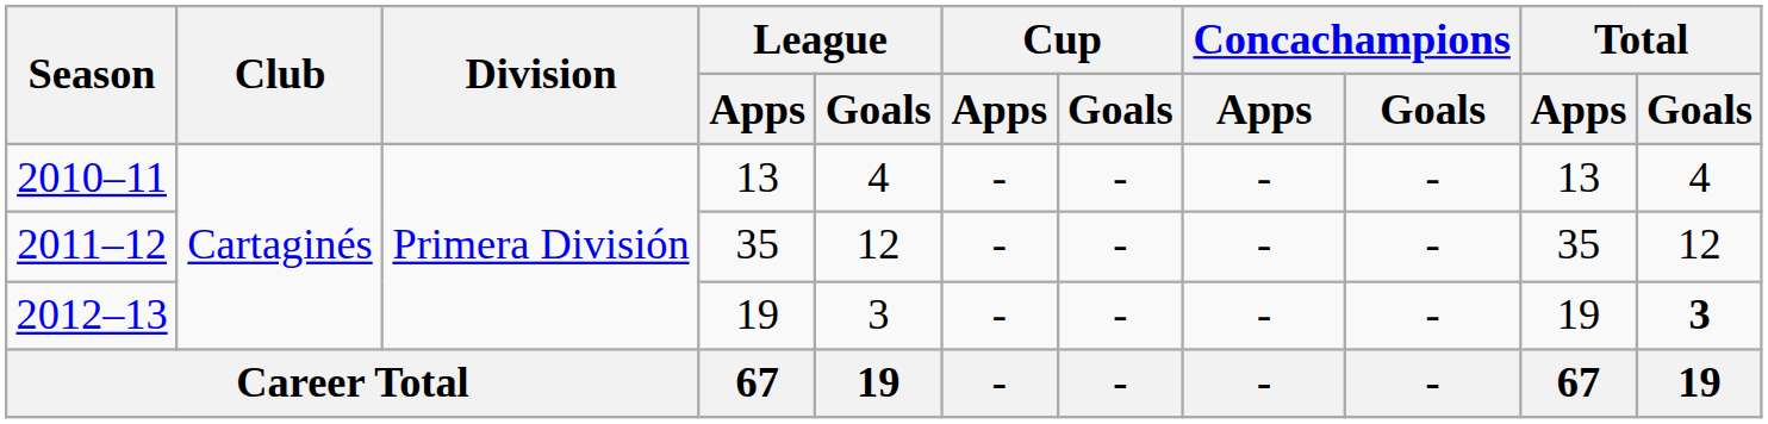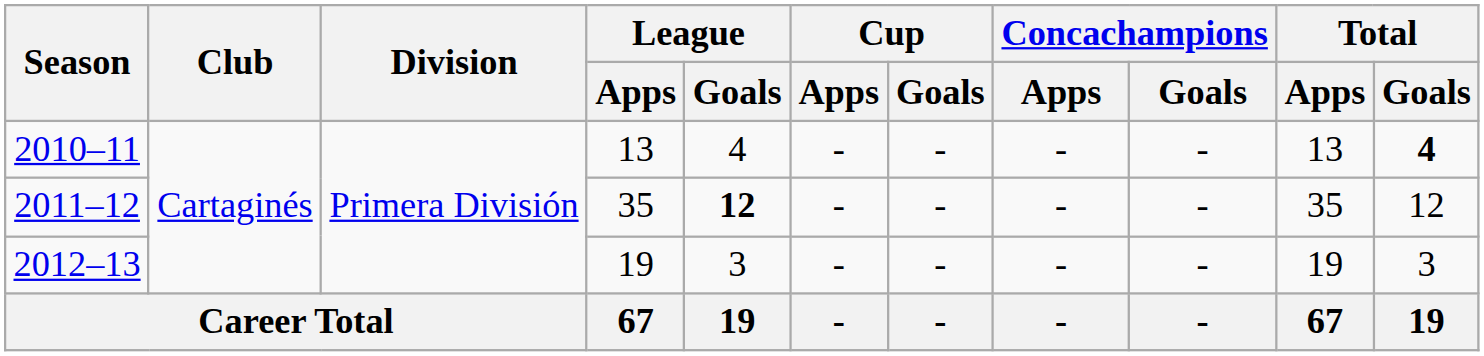 <table class="wikitable" style="text-align: center;">
 <tr>
 <th rowspan="2">Season</th>
 <th rowspan="2">Club</th>
 <th rowspan="2">Division</th>
 <th colspan="2">League</th>
 <th colspan="2">Cup</th>
 <th colspan="2"><a href='#'>Concachampions</a></th>
 <th colspan="2">Total</th>
 </tr>
 <tr>
 <th>Apps</th>
 <th>Goals</th>
 <th>Apps</th>
 <th>Goals</th>
 <th>Apps</th>
 <th>Goals</th>
 <th>Apps</th>
 <th>Goals</th>
 </tr>
 <tr>
 <td><a href='#'>2010–11</a></td>
 <td rowspan="3"><a href='#'>Cartaginés</a></td>
 <td rowspan="3" align=center valign=center><a href='#'>Primera División</a></td>
 <td>13</td>
 <td>4</td>
 <td>-</td>
 <td>-</td>
 <td>-</td>
 <td>-</td>
 <td>13</td>
-<td>4</td>
+<td><strong>4</strong></td>
 </tr>
 <tr>
 <td><a href='#'>2011–12</a></td>
 <td>35</td>
-<td>12</td>
+<td><strong>12</strong></td>
 <td>-</td>
 <td>-</td>
 <td>-</td>
 <td>-</td>
 <td>35</td>
 <td>12</td>
 </tr>
 <tr>
 <td><a href='#'>2012–13</a></td>
 <td>19</td>
 <td>3</td>
 <td>-</td>
 <td>-</td>
 <td>-</td>
 <td>-</td>
 <td>19</td>
-<td><strong>3</strong></td>
+<td>3</td>
 </tr>
 <tr>
 <th colspan="3">Career Total</th>
 <th>67</th>
 <th>19</th>
 <th>-</th>
 <th>-</th>
 <th>-</th>
 <th>-</th>
 <th>67</th>
 <th>19</th>
 </tr>
 </table>
